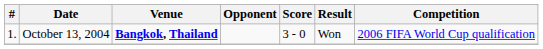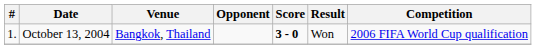 <table class="wikitable">
 <tr>
 <th>#</th>
 <th>Date</th>
 <th>Venue</th>
 <th>Opponent</th>
 <th>Score</th>
 <th>Result</th>
 <th>Competition</th>
 </tr>
 <tr>
 <td>1.</td>
 <td>October 13, 2004</td>
-<td><strong><a href='#'>Bangkok</a>, <a href='#'>Thailand</a></strong></td>
+<td><a href='#'>Bangkok</a>, <a href='#'>Thailand</a></td>
 <td></td>
-<td>3 - 0</td>
+<td><strong>3 - 0</strong></td>
 <td>Won</td>
 <td><a href='#'>2006 FIFA World Cup qualification</a></td>
 </tr>
 <tr>
 </tr>
 </table>
